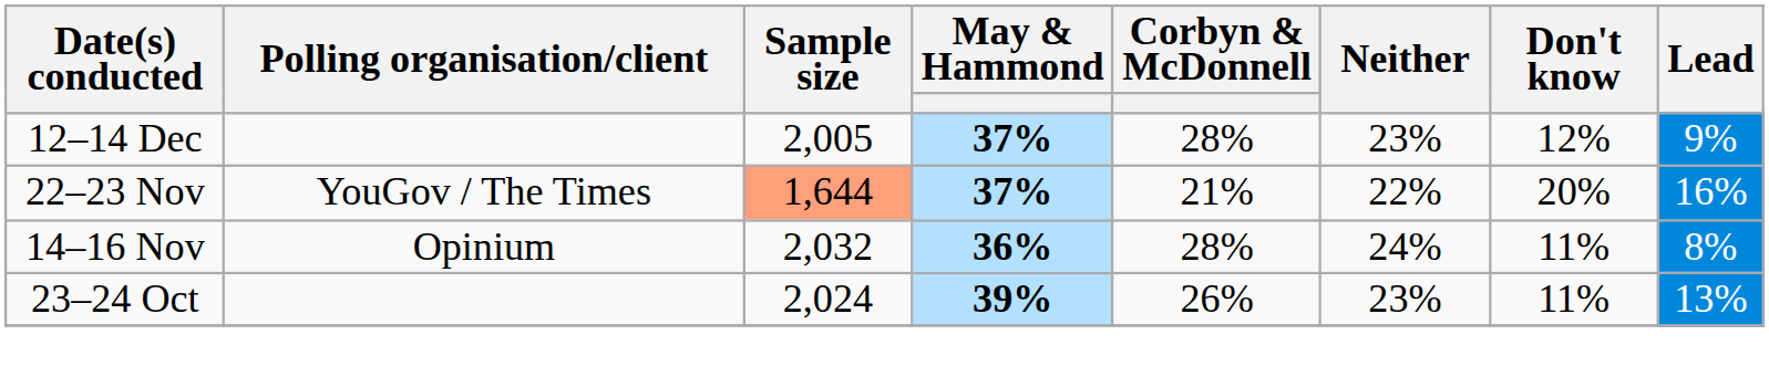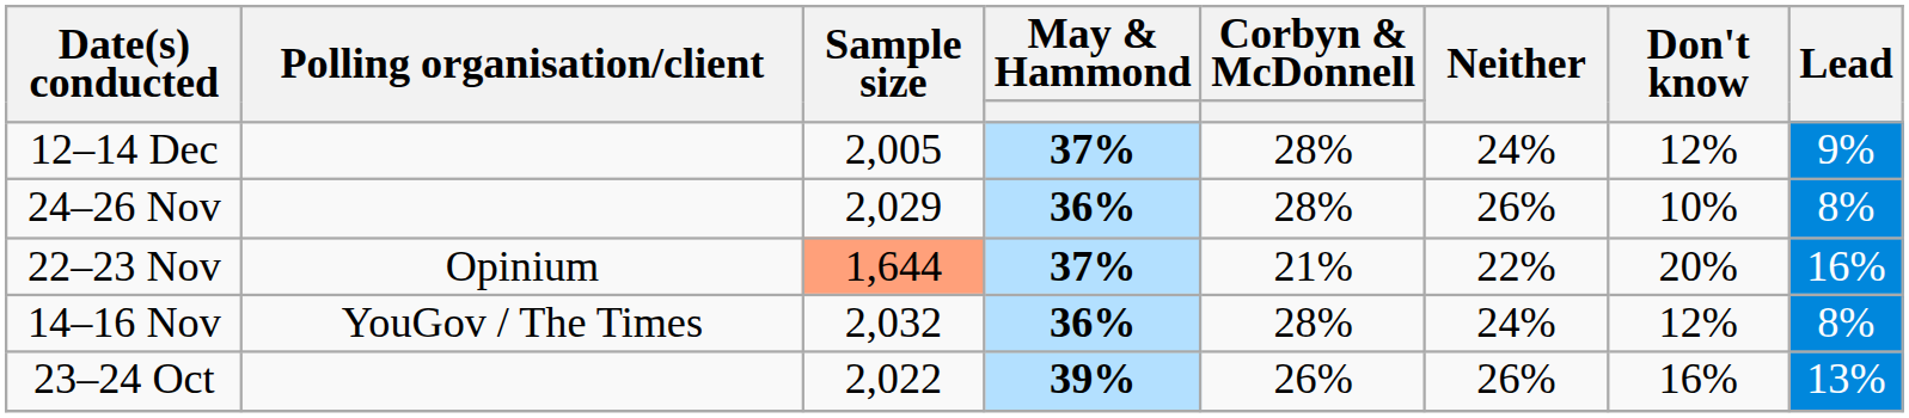 <table class="wikitable sortable" style="text-align:center;line-height:14px">
 <tr>
 <th style="width:80px;" rowspan="2">Date(s)<br>conducted</th>
 <th style="width:200px;" rowspan="2">Polling organisation/client</th>
 <th style="width:60px;" rowspan="2">Sample size</th>
 <th style="width:60px;" class="unsortable">May & Hammond</th>
 <th style="width:60px;" class="unsortable">Corbyn & McDonnell</th>
 <th style="width:60px;" rowspan="2" class="unsortable">Neither</th>
 <th style="width:60px;" rowspan="2" class="unsortable">Don't know</th>
 <th class="unsortable" style="width:20px;" rowspan="2">Lead</th>
 </tr>
 <tr>
 <th class="unsortable" style="color:inherit;background:"></th>
 <th class="unsortable" style="color:inherit;background:"></th>
 </tr>
 <tr>
 <td>12–14 Dec</td>
 <td></td>
 <td>2,005</td>
 <td style="background:#B3E0FF"><strong>37%</strong></td>
 <td>28%</td>
-<td>23%</td>
+<td>24%</td>
 <td>12%</td>
 <td style="background:#0087DC; color:white;">9%</td>
 </tr>
 <tr>
+<td>24–26 Nov</td>
+<td></td>
+<td>2,029</td>
+<td style="background:#B3E0FF"><strong>36%</strong></td>
+<td>28%</td>
+<td>26%</td>
+<td>10%</td>
+<td style="background:#0087DC; color:white;">8%</td>
+</tr>
+<tr>
 <td>22–23 Nov</td>
-<td>YouGov / The Times</td>
+<td>Opinium</td>
 <td style="background: lightsalmon;">1,644</td>
 <td style="background:#B3E0FF"><strong>37%</strong></td>
 <td>21%</td>
 <td>22%</td>
 <td>20%</td>
 <td style="background:#0087DC; color:white;">16%</td>
 </tr>
 <tr>
 <td>14–16 Nov</td>
-<td>Opinium</td>
+<td>YouGov / The Times</td>
 <td>2,032</td>
 <td style="background:#B3E0FF"><strong>36%</strong></td>
 <td>28%</td>
 <td>24%</td>
-<td>11%</td>
+<td>12%</td>
 <td style="background:#0087DC; color:white;">8%</td>
 </tr>
 <tr>
 <td>23–24 Oct</td>
 <td></td>
-<td>2,024</td>
+<td>2,022</td>
 <td style="background:#B3E0FF"><strong>39%</strong></td>
 <td>26%</td>
-<td>23%</td>
-<td>11%</td>
+<td>26%</td>
+<td>16%</td>
 <td style="background:#0087DC; color:white;">13%</td>
 </tr>
 <tr>
 </tr>
 </table>
